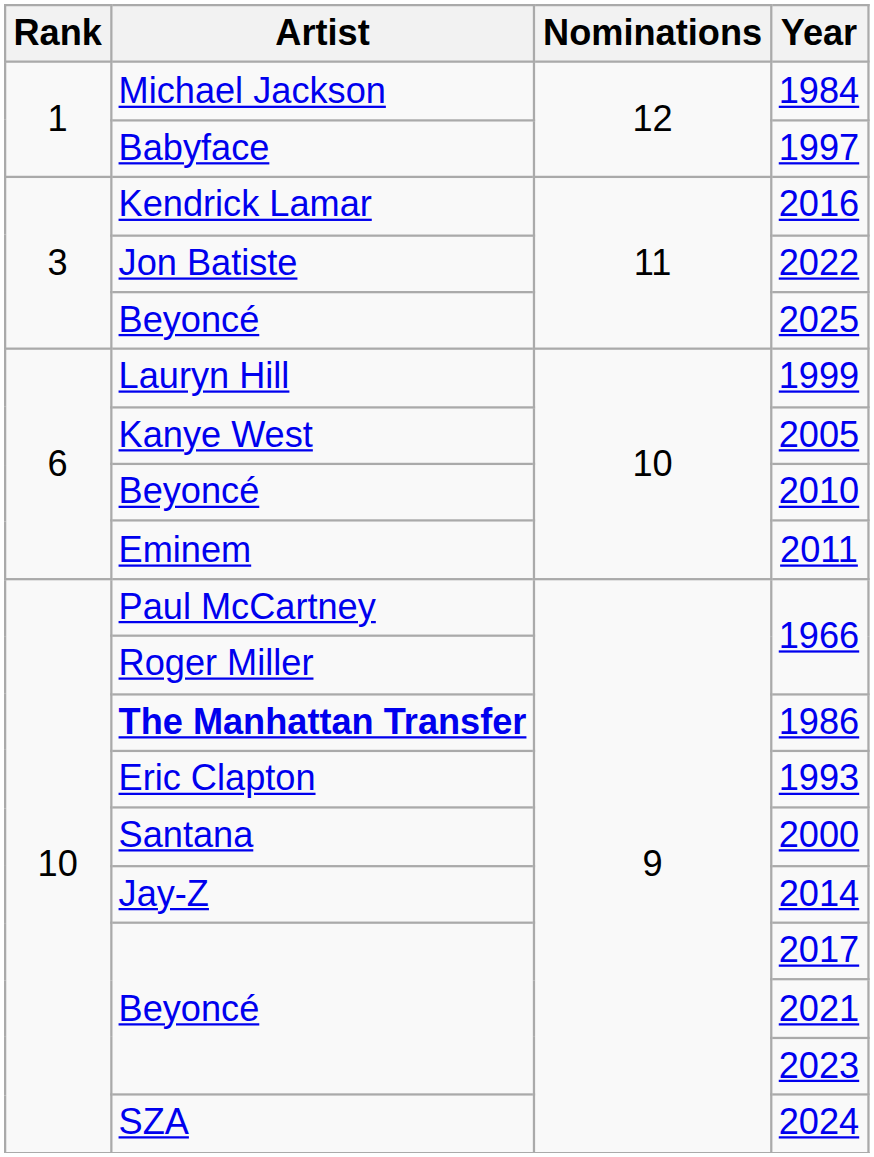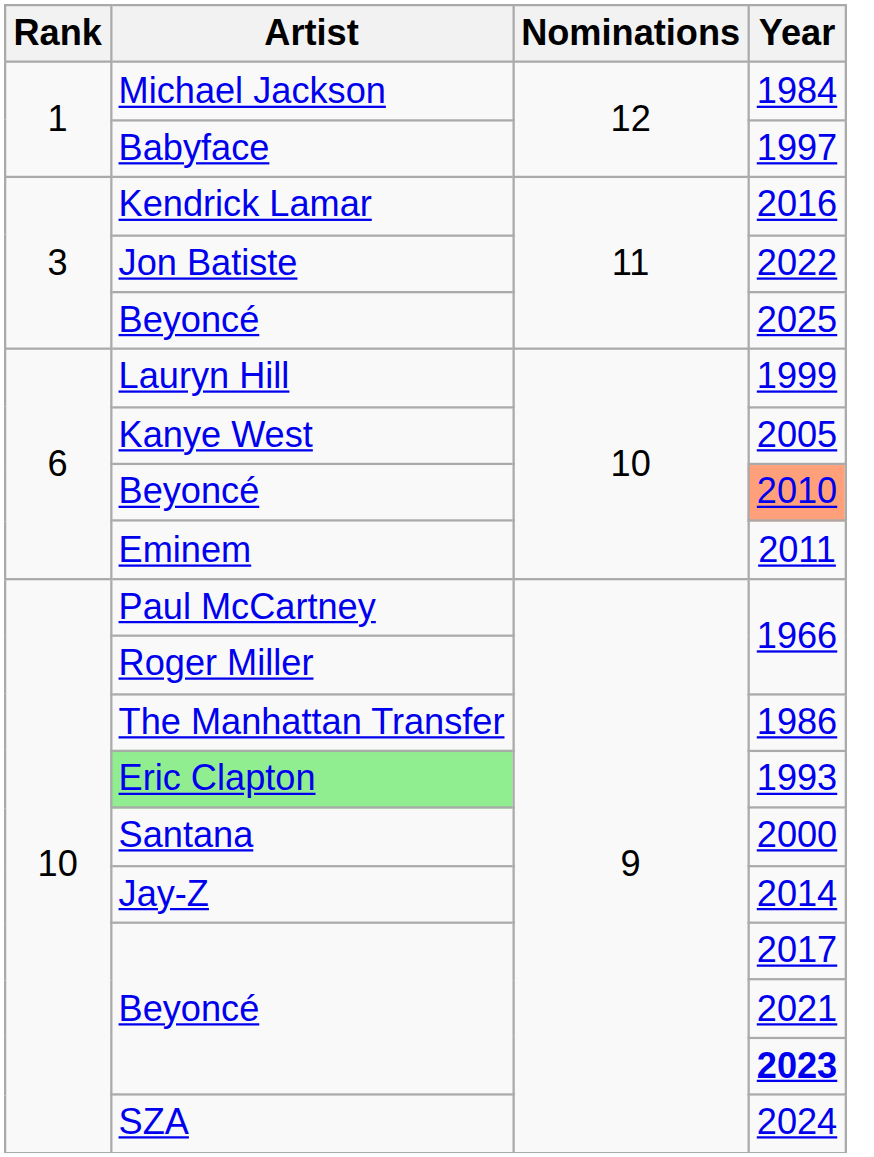 <table class="wikitable" style="text-align: center; cellpadding: 2;">
 <tr>
 <th>Rank</th>
 <th>Artist</th>
 <th>Nominations</th>
 <th>Year</th>
 </tr>
 <tr>
 <td rowspan=2>1</td>
 <td style="text-align: left;"><a href='#'>Michael Jackson</a></td>
 <td rowspan=2>12</td>
 <td><a href='#'>1984</a></td>
 </tr>
 <tr>
 <td style="text-align: left;"><a href='#'>Babyface</a></td>
 <td><a href='#'>1997</a></td>
 </tr>
 <tr>
 <td rowspan=3>3</td>
 <td style="text-align: left;"><a href='#'>Kendrick Lamar</a></td>
 <td rowspan=3>11</td>
 <td><a href='#'>2016</a></td>
 </tr>
 <tr>
 <td style="text-align: left;"><a href='#'>Jon Batiste</a></td>
 <td><a href='#'>2022</a></td>
 </tr>
 <tr>
 <td style="text-align: left;"><a href='#'>Beyoncé</a></td>
 <td><a href='#'>2025</a></td>
 </tr>
 <tr>
 <td rowspan=4>6</td>
 <td style="text-align: left;"><a href='#'>Lauryn Hill</a></td>
 <td rowspan=4>10</td>
 <td><a href='#'>1999</a></td>
 </tr>
 <tr>
 <td style="text-align: left;"><a href='#'>Kanye West</a></td>
 <td><a href='#'>2005</a></td>
 </tr>
 <tr>
 <td style="text-align: left;"><a href='#'>Beyoncé</a></td>
-<td><a href='#'>2010</a></td>
+<td style="background: lightsalmon;"><a href='#'>2010</a></td>
 </tr>
 <tr>
 <td style="text-align: left;"><a href='#'>Eminem</a></td>
 <td><a href='#'>2011</a></td>
 </tr>
 <tr>
 <td rowspan="10">10</td>
 <td style="text-align: left;"><a href='#'>Paul McCartney</a></td>
 <td rowspan="10">9</td>
 <td rowspan=2><a href='#'>1966</a></td>
 </tr>
 <tr>
 <td style="text-align: left;"><a href='#'>Roger Miller</a></td>
 </tr>
 <tr>
-<td style="text-align: left;"><strong><a href='#'>The Manhattan Transfer</a></strong></td>
+<td style="text-align: left;"><a href='#'>The Manhattan Transfer</a></td>
 <td><a href='#'>1986</a></td>
 </tr>
 <tr>
-<td style="text-align: left;"><a href='#'>Eric Clapton</a></td>
+<td style="background: lightgreen; text-align: left;"><a href='#'>Eric Clapton</a></td>
 <td><a href='#'>1993</a></td>
 </tr>
 <tr>
 <td style="text-align: left;"><a href='#'>Santana</a></td>
 <td><a href='#'>2000</a></td>
 </tr>
 <tr>
 <td style="text-align: left;"><a href='#'>Jay-Z</a></td>
 <td><a href='#'>2014</a></td>
 </tr>
 <tr>
 <td style="text-align: left;" rowspan="3"><a href='#'>Beyoncé</a></td>
 <td><a href='#'>2017</a></td>
 </tr>
 <tr>
 <td><a href='#'>2021</a></td>
 </tr>
 <tr>
-<td><a href='#'>2023</a></td>
+<td><strong><a href='#'>2023</a></strong></td>
 </tr>
 <tr>
 <td style="text-align: left;"><a href='#'>SZA</a></td>
 <td><a href='#'>2024</a></td>
 </tr>
 <tr>
 </tr>
 </table>
